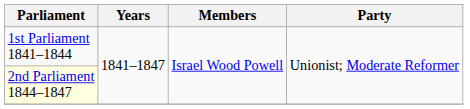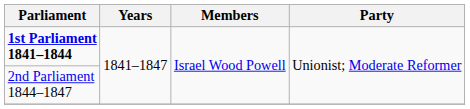 <table class="wikitable">
 <tr>
 <th>Parliament</th>
 <th>Years</th>
 <th colspan="2">Members</th>
 <th>Party</th>
 </tr>
 <tr>
-<td><a href='#'>1st Parliament</a><br>1841–1844</td>
+<td><strong><a href='#'>1st Parliament</a><br>1841–1844</strong></td>
 <td rowspan = "2">1841–1847</td>
 <td colspan = "2" rowspan="2"><a href='#'>Israel Wood Powell</a></td>
 <td colspan="2" rowspan="2">Unionist;  <a href='#'>Moderate Reformer</a></td>
 </tr>
 <tr>
-<td style="background: lightyellow;"><a href='#'>2nd Parliament</a><br>1844–1847</td>
+<td><a href='#'>2nd Parliament</a><br>1844–1847</td>
 </tr>
 <tr>
 </tr>
 </table>
